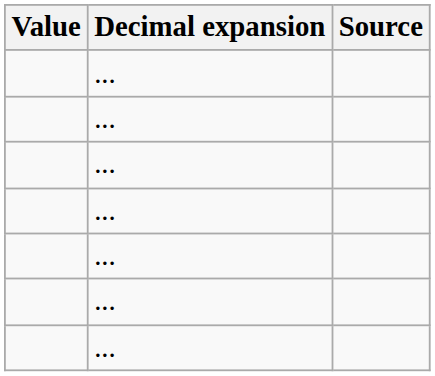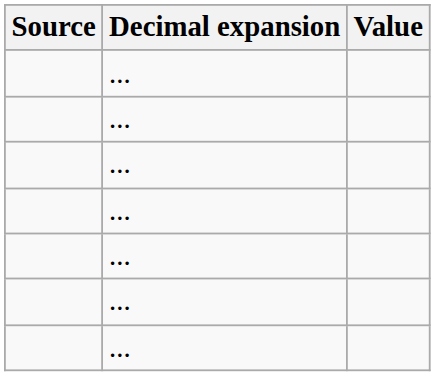 <table class="wikitable">
 <tr>
+<th scope="col">Source</th>
+<th scope="col">Decimal expansion</th>
 <th scope="col">Value</th>
-<th scope="col">Decimal expansion</th>
-<th scope="col">Source</th>
 </tr>
 <tr>
+<td></td>
+<td>...</td>
 <td><a href='#'></a></td>
-<td>...</td>
-<td></td>
 </tr>
 <tr>
 <td></td>
 <td>...</td>
 <td></td>
 </tr>
 <tr>
 <td></td>
 <td>...</td>
 <td></td>
 </tr>
 <tr>
 <td></td>
 <td>...</td>
 <td></td>
 </tr>
 <tr>
 <td></td>
 <td>...</td>
 <td></td>
 </tr>
 <tr>
 <td></td>
 <td>...</td>
 <td></td>
 </tr>
 <tr>
 <td></td>
 <td>...</td>
 <td></td>
 </tr>
 </table>
